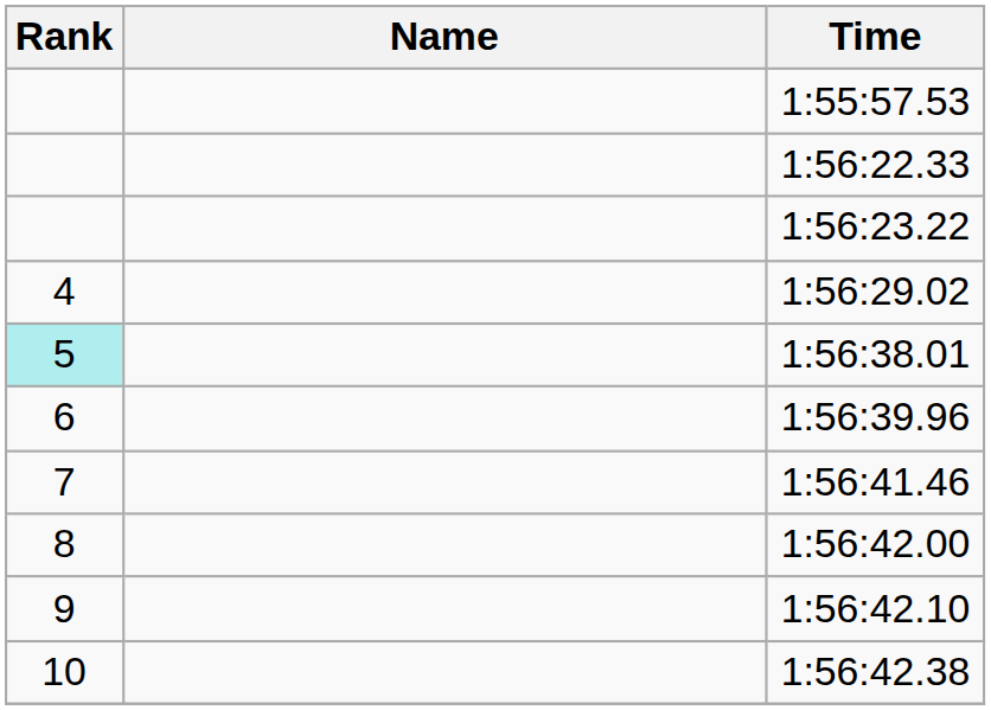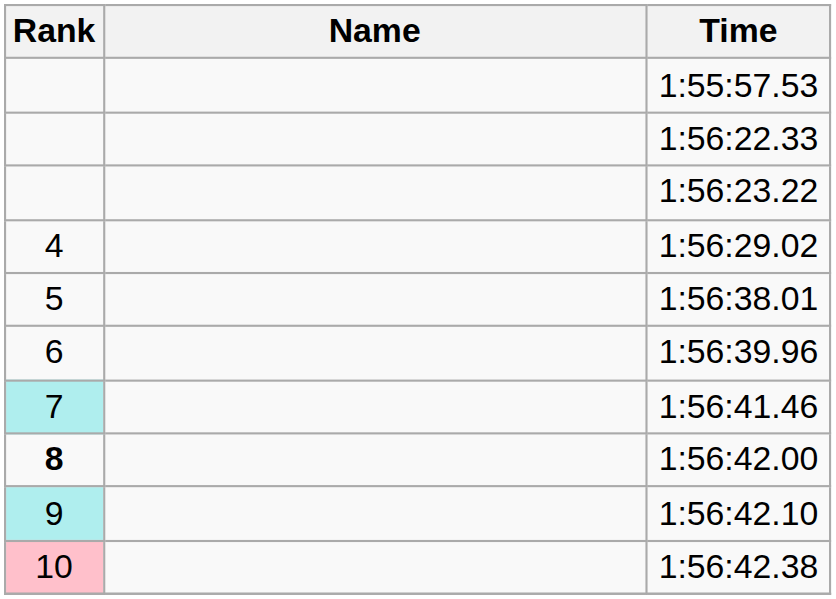 <table class="wikitable" style="text-align:center">
 <tr>
 <th>Rank</th>
 <th width=250>Name</th>
 <th width=80>Time</th>
 </tr>
 <tr>
 <td></td>
 <td align=left></td>
 <td>1:55:57.53</td>
 </tr>
 <tr>
 <td></td>
 <td align=left></td>
 <td>1:56:22.33</td>
 </tr>
 <tr>
 <td></td>
 <td align=left></td>
 <td>1:56:23.22</td>
 </tr>
 <tr>
 <td>4</td>
 <td align=left></td>
 <td>1:56:29.02</td>
 </tr>
 <tr>
-<td style="background: paleturquoise;">5</td>
+<td>5</td>
 <td align=left></td>
 <td>1:56:38.01</td>
 </tr>
 <tr>
 <td>6</td>
 <td align=left></td>
 <td>1:56:39.96</td>
 </tr>
 <tr>
-<td>7</td>
+<td style="background: paleturquoise;">7</td>
 <td align=left></td>
 <td>1:56:41.46</td>
 </tr>
 <tr>
-<td>8</td>
+<td><strong>8</strong></td>
 <td align=left></td>
 <td>1:56:42.00</td>
 </tr>
 <tr>
-<td>9</td>
+<td style="background: paleturquoise;">9</td>
 <td align=left></td>
 <td>1:56:42.10</td>
 </tr>
 <tr>
-<td>10</td>
+<td style="background: pink;">10</td>
 <td align=left></td>
 <td>1:56:42.38</td>
 </tr>
 <tr>
 </tr>
 </table>
